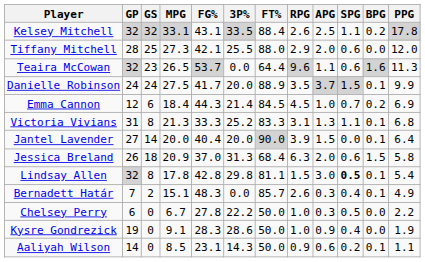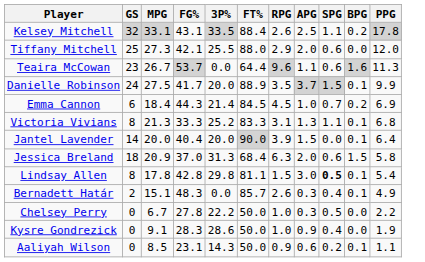 <table class="wikitable sortable" style="text-align:center;">
 <tr>
 <th>Player</th>
-<th>GP</th>
 <th>GS</th>
 <th>MPG</th>
 <th>FG%</th>
 <th>3P%</th>
 <th>FT%</th>
 <th>RPG</th>
 <th>APG</th>
 <th>SPG</th>
 <th>BPG</th>
 <th>PPG</th>
 </tr>
 <tr>
 <td><a href='#'>Kelsey Mitchell</a></td>
 <td style="background:#D3D3D3;">32</td>
-<td style="background:#D3D3D3;">32</td>
 <td style="background:#D3D3D3;">33.1</td>
 <td>43.1</td>
 <td style="background:#D3D3D3;">33.5</td>
 <td>88.4</td>
 <td>2.6</td>
 <td>2.5</td>
 <td>1.1</td>
 <td>0.2</td>
 <td style="background:#D3D3D3;">17.8</td>
 </tr>
 <tr>
 <td><a href='#'>Tiffany Mitchell</a></td>
-<td>28</td>
 <td>25</td>
 <td>27.3</td>
 <td>42.1</td>
 <td>25.5</td>
 <td>88.0</td>
 <td>2.9</td>
 <td>2.0</td>
 <td>0.6</td>
 <td>0.0</td>
 <td>12.0</td>
 </tr>
 <tr>
 <td><a href='#'>Teaira McCowan</a></td>
-<td style="background:#D3D3D3;">32</td>
 <td>23</td>
-<td>26.5</td>
+<td>26.7</td>
 <td style="background:#D3D3D3;">53.7</td>
 <td>0.0</td>
 <td>64.4</td>
 <td style="background:#D3D3D3;">9.6</td>
 <td>1.1</td>
 <td>0.6</td>
 <td style="background:#D3D3D3;">1.6</td>
 <td>11.3</td>
 </tr>
 <tr>
 <td><a href='#'>Danielle Robinson</a></td>
-<td>24</td>
 <td>24</td>
 <td>27.5</td>
 <td>41.7</td>
 <td>20.0</td>
 <td>88.9</td>
 <td>3.5</td>
 <td style="background:#D3D3D3;">3.7</td>
 <td style="background:#D3D3D3;">1.5</td>
 <td>0.1</td>
 <td>9.9</td>
 </tr>
 <tr>
 <td><a href='#'>Emma Cannon</a></td>
-<td>12</td>
 <td>6</td>
 <td>18.4</td>
 <td>44.3</td>
 <td>21.4</td>
 <td>84.5</td>
 <td>4.5</td>
 <td>1.0</td>
 <td>0.7</td>
 <td>0.2</td>
 <td>6.9</td>
 </tr>
 <tr>
 <td><a href='#'>Victoria Vivians</a></td>
-<td>31</td>
 <td>8</td>
 <td>21.3</td>
 <td>33.3</td>
 <td>25.2</td>
 <td>83.3</td>
 <td>3.1</td>
 <td>1.3</td>
 <td>1.1</td>
 <td>0.1</td>
 <td>6.8</td>
 </tr>
 <tr>
 <td><a href='#'>Jantel Lavender</a></td>
-<td>27</td>
 <td>14</td>
 <td>20.0</td>
 <td>40.4</td>
 <td>20.0</td>
 <td style="background:#D3D3D3;">90.0</td>
 <td>3.9</td>
 <td>1.5</td>
 <td>0.0</td>
 <td>0.1</td>
 <td>6.4</td>
 </tr>
 <tr>
 <td><a href='#'>Jessica Breland</a></td>
-<td>26</td>
 <td>18</td>
 <td>20.9</td>
 <td>37.0</td>
 <td>31.3</td>
 <td>68.4</td>
 <td>6.3</td>
 <td>2.0</td>
 <td>0.6</td>
 <td>1.5</td>
 <td>5.8</td>
 </tr>
 <tr>
 <td><a href='#'>Lindsay Allen</a></td>
-<td style="background:#D3D3D3;">32</td>
 <td>8</td>
 <td>17.8</td>
 <td>42.8</td>
 <td>29.8</td>
 <td>81.1</td>
 <td>1.5</td>
 <td>3.0</td>
 <td><strong>0.5</strong></td>
 <td>0.1</td>
 <td>5.4</td>
 </tr>
 <tr>
 <td><a href='#'>Bernadett Határ</a></td>
-<td>7</td>
 <td>2</td>
 <td>15.1</td>
 <td>48.3</td>
 <td>0.0</td>
 <td>85.7</td>
 <td>2.6</td>
 <td>0.3</td>
 <td>0.4</td>
 <td>0.1</td>
 <td>4.9</td>
 </tr>
 <tr>
 <td><a href='#'>Chelsey Perry</a></td>
-<td>6</td>
 <td>0</td>
 <td>6.7</td>
 <td>27.8</td>
 <td>22.2</td>
 <td>50.0</td>
 <td>1.0</td>
 <td>0.3</td>
 <td>0.5</td>
 <td>0.0</td>
 <td>2.2</td>
 </tr>
 <tr>
 <td><a href='#'>Kysre Gondrezick</a></td>
-<td>19</td>
 <td>0</td>
 <td>9.1</td>
 <td>28.3</td>
 <td>28.6</td>
 <td>50.0</td>
 <td>1.0</td>
 <td>0.9</td>
 <td>0.4</td>
 <td>0.0</td>
 <td>1.9</td>
 </tr>
 <tr>
 <td><a href='#'>Aaliyah Wilson</a></td>
-<td>14</td>
 <td>0</td>
 <td>8.5</td>
 <td>23.1</td>
 <td>14.3</td>
 <td>50.0</td>
 <td>0.9</td>
 <td>0.6</td>
 <td>0.2</td>
 <td>0.1</td>
 <td>1.1</td>
 </tr>
 </table>
